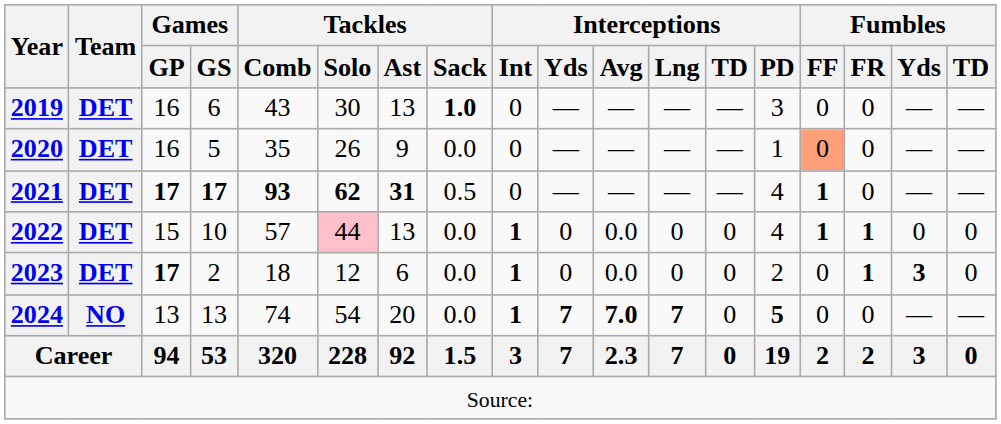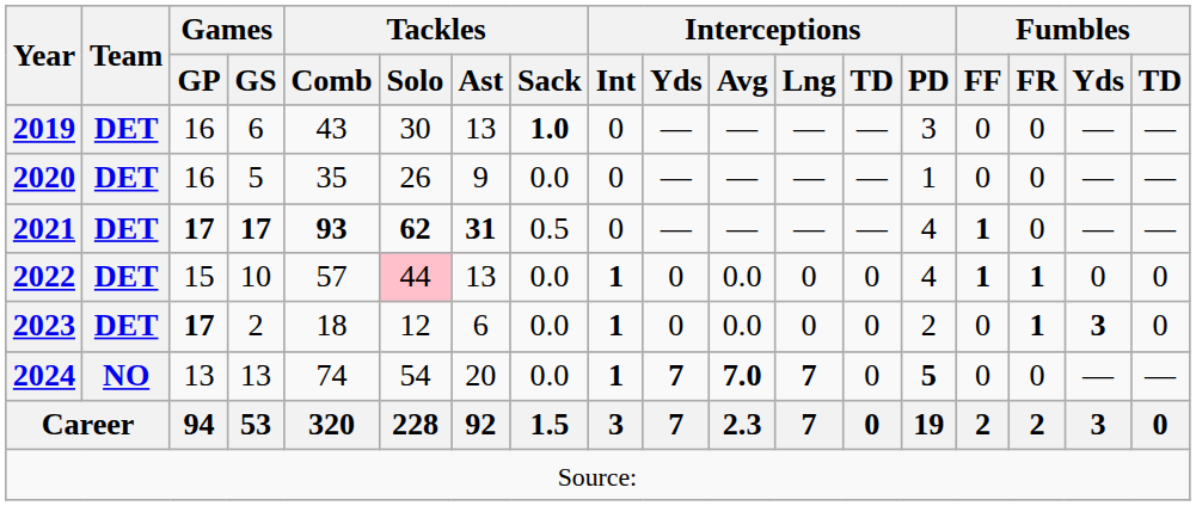 <table class="wikitable" style="text-align:center">
 <tr>
 <th rowspan="2">Year</th>
 <th rowspan="2">Team</th>
 <th colspan="2">Games</th>
 <th colspan="4">Tackles</th>
 <th colspan="6">Interceptions</th>
 <th colspan="4">Fumbles</th>
 </tr>
 <tr>
 <th>GP</th>
 <th>GS</th>
 <th>Comb</th>
 <th>Solo</th>
 <th>Ast</th>
 <th>Sack</th>
 <th>Int</th>
 <th>Yds</th>
 <th>Avg</th>
 <th>Lng</th>
 <th>TD</th>
 <th>PD</th>
 <th>FF</th>
 <th>FR</th>
 <th>Yds</th>
 <th>TD</th>
 </tr>
 <tr>
 <th><a href='#'>2019</a></th>
 <th><a href='#'>DET</a></th>
 <td>16</td>
 <td>6</td>
 <td>43</td>
 <td>30</td>
 <td>13</td>
 <td><strong>1.0</strong></td>
 <td>0</td>
 <td>—</td>
 <td>—</td>
 <td>—</td>
 <td>—</td>
 <td>3</td>
 <td>0</td>
 <td>0</td>
 <td>—</td>
 <td>—</td>
 </tr>
 <tr>
 <th><a href='#'>2020</a></th>
 <th><a href='#'>DET</a></th>
 <td>16</td>
 <td>5</td>
 <td>35</td>
 <td>26</td>
 <td>9</td>
 <td>0.0</td>
 <td>0</td>
 <td>—</td>
 <td>—</td>
 <td>—</td>
 <td>—</td>
 <td>1</td>
-<td style="background: lightsalmon;">0</td>
+<td>0</td>
 <td>0</td>
 <td>—</td>
 <td>—</td>
 </tr>
 <tr>
 <th><a href='#'>2021</a></th>
 <th><a href='#'>DET</a></th>
 <td><strong>17</strong></td>
 <td><strong>17</strong></td>
 <td><strong>93</strong></td>
 <td><strong>62</strong></td>
 <td><strong>31</strong></td>
 <td>0.5</td>
 <td>0</td>
 <td>—</td>
 <td>—</td>
 <td>—</td>
 <td>—</td>
 <td>4</td>
 <td><strong>1</strong></td>
 <td>0</td>
 <td>—</td>
 <td>—</td>
 </tr>
 <tr>
 <th><a href='#'>2022</a></th>
 <th><a href='#'>DET</a></th>
 <td>15</td>
 <td>10</td>
 <td>57</td>
 <td style="background: pink;">44</td>
 <td>13</td>
 <td>0.0</td>
 <td><strong>1</strong></td>
 <td>0</td>
 <td>0.0</td>
 <td>0</td>
 <td>0</td>
 <td>4</td>
 <td><strong>1</strong></td>
 <td><strong>1</strong></td>
 <td>0</td>
 <td>0</td>
 </tr>
 <tr>
 <th><a href='#'>2023</a></th>
 <th><a href='#'>DET</a></th>
 <td><strong>17</strong></td>
 <td>2</td>
 <td>18</td>
 <td>12</td>
 <td>6</td>
 <td>0.0</td>
 <td><strong>1</strong></td>
 <td>0</td>
 <td>0.0</td>
 <td>0</td>
 <td>0</td>
 <td>2</td>
 <td>0</td>
 <td><strong>1</strong></td>
 <td><strong>3</strong></td>
 <td>0</td>
 </tr>
 <tr>
 <th><a href='#'>2024</a></th>
 <th><a href='#'>NO</a></th>
 <td>13</td>
 <td>13</td>
 <td>74</td>
 <td>54</td>
 <td>20</td>
 <td>0.0</td>
 <td><strong>1</strong></td>
 <td><strong>7</strong></td>
 <td><strong>7.0</strong></td>
 <td><strong>7</strong></td>
 <td>0</td>
 <td><strong>5</strong></td>
 <td>0</td>
 <td>0</td>
 <td>—</td>
 <td>—</td>
 </tr>
 <tr>
 <th colspan="2">Career</th>
 <th>94</th>
 <th>53</th>
 <th>320</th>
 <th>228</th>
 <th>92</th>
 <th>1.5</th>
 <th>3</th>
 <th>7</th>
 <th>2.3</th>
 <th>7</th>
 <th>0</th>
 <th>19</th>
 <th>2</th>
 <th>2</th>
 <th>3</th>
 <th>0</th>
 </tr>
 <tr>
 <td colspan="18"><small>Source: </small></td>
 </tr>
 </table>
